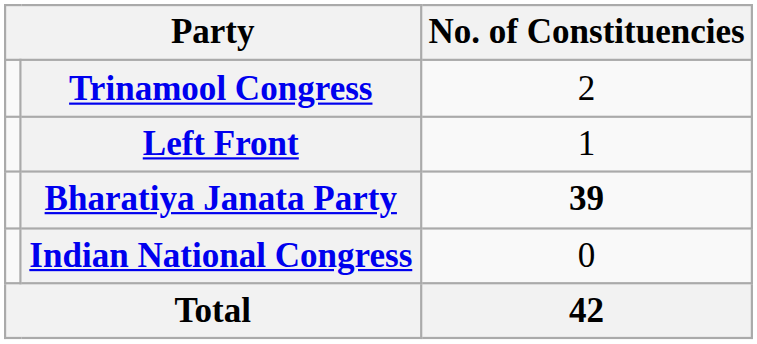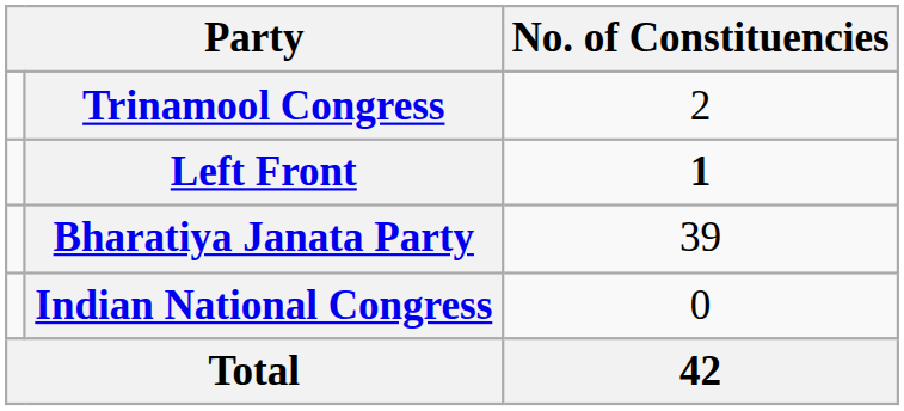 <table class="wikitable" style="text-align:center">
 <tr>
 <th colspan=2>Party</th>
 <th>No. of Constituencies</th>
 </tr>
 <tr>
 <td></td>
 <th><a href='#'>Trinamool Congress</a></th>
 <td>2</td>
 </tr>
 <tr>
 <td></td>
 <th><a href='#'>Left Front</a></th>
-<td>1</td>
+<td><strong>1</strong></td>
 </tr>
 <tr>
 <td></td>
 <th><a href='#'>Bharatiya Janata Party</a></th>
-<td><strong>39</strong></td>
+<td>39</td>
 </tr>
 <tr>
 <td></td>
 <th><a href='#'>Indian National Congress</a></th>
 <td>0</td>
 </tr>
 <tr>
 <th colspan=2>Total</th>
 <th colspan=2>42</th>
 </tr>
 </table>
